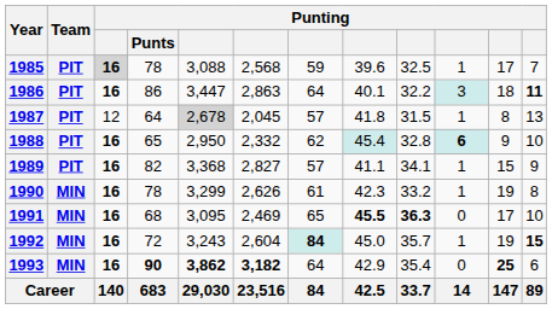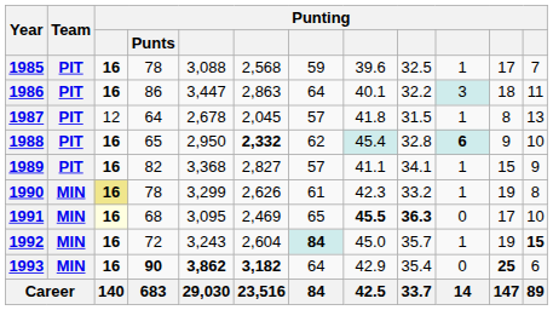 <table class=wikitable style="text-align:center;">
 <tr>
 <th rowspan="2">Year</th>
 <th rowspan="2">Team</th>
 <th colspan="10">Punting</th>
 </tr>
 <tr>
 <th></th>
 <th>Punts</th>
 <th></th>
 <th></th>
 <th></th>
 <th></th>
 <th></th>
 <th></th>
 <th></th>
 <th></th>
 </tr>
 <tr>
 <th><a href='#'>1985</a></th>
 <th><a href='#'>PIT</a></th>
-<td style="background: lightgrey;"><strong>16</strong></td>
+<td><strong>16</strong></td>
 <td>78</td>
 <td>3,088</td>
 <td>2,568</td>
 <td>59</td>
 <td>39.6</td>
 <td>32.5</td>
 <td>1</td>
 <td>17</td>
 <td>7</td>
 </tr>
 <tr>
 <th><a href='#'>1986</a></th>
 <th><a href='#'>PIT</a></th>
 <td><strong>16</strong></td>
 <td>86</td>
 <td>3,447</td>
 <td>2,863</td>
 <td>64</td>
 <td>40.1</td>
 <td>32.2</td>
 <td style="background:#cfecec; width:3em;">3</td>
 <td>18</td>
-<td><strong>11</strong></td>
+<td>11</td>
 </tr>
 <tr>
 <th><a href='#'>1987</a></th>
 <th><a href='#'>PIT</a></th>
 <td>12</td>
 <td>64</td>
-<td style="background: lightgrey;">2,678</td>
+<td>2,678</td>
 <td>2,045</td>
 <td>57</td>
 <td>41.8</td>
 <td>31.5</td>
 <td>1</td>
 <td>8</td>
 <td>13</td>
 </tr>
 <tr>
 <th><a href='#'>1988</a></th>
 <th><a href='#'>PIT</a></th>
 <td><strong>16</strong></td>
 <td>65</td>
 <td>2,950</td>
-<td>2,332</td>
+<td><strong>2,332</strong></td>
 <td>62</td>
 <td style="background:#cfecec; width:3em;">45.4</td>
 <td>32.8</td>
 <td style="background:#cfecec; width:3em;"><strong>6</strong></td>
 <td>9</td>
 <td>10</td>
 </tr>
 <tr>
 <th><a href='#'>1989</a></th>
 <th><a href='#'>PIT</a></th>
 <td><strong>16</strong></td>
 <td>82</td>
 <td>3,368</td>
 <td>2,827</td>
 <td>57</td>
 <td>41.1</td>
 <td>34.1</td>
 <td>1</td>
 <td>15</td>
 <td>9</td>
 </tr>
 <tr>
 <th><a href='#'>1990</a></th>
 <th><a href='#'>MIN</a></th>
-<td><strong>16</strong></td>
+<td style="background: khaki;"><strong>16</strong></td>
 <td>78</td>
 <td>3,299</td>
 <td>2,626</td>
 <td>61</td>
 <td>42.3</td>
 <td>33.2</td>
 <td>1</td>
 <td>19</td>
 <td>8</td>
 </tr>
 <tr>
 <th><a href='#'>1991</a></th>
 <th><a href='#'>MIN</a></th>
-<td><strong>16</strong></td>
+<td style="background: lightyellow;"><strong>16</strong></td>
 <td>68</td>
 <td>3,095</td>
 <td>2,469</td>
 <td>65</td>
 <td><strong>45.5</strong></td>
 <td><strong>36.3</strong></td>
 <td>0</td>
 <td>17</td>
 <td>10</td>
 </tr>
 <tr>
 <th><a href='#'>1992</a></th>
 <th><a href='#'>MIN</a></th>
 <td><strong>16</strong></td>
 <td>72</td>
 <td>3,243</td>
 <td>2,604</td>
 <td style="background:#cfecec; width:3em;"><strong>84</strong></td>
 <td>45.0</td>
 <td>35.7</td>
 <td>1</td>
 <td>19</td>
 <td><strong>15</strong></td>
 </tr>
 <tr>
 <th><a href='#'>1993</a></th>
 <th><a href='#'>MIN</a></th>
 <td><strong>16</strong></td>
 <td><strong>90</strong></td>
 <td><strong>3,862</strong></td>
 <td><strong>3,182</strong></td>
 <td>64</td>
 <td>42.9</td>
 <td>35.4</td>
 <td>0</td>
 <td><strong>25</strong></td>
 <td>6</td>
 </tr>
 <tr>
 <th colspan="2">Career</th>
 <th>140</th>
 <th>683</th>
 <th>29,030</th>
 <th>23,516</th>
 <th>84</th>
 <th>42.5</th>
 <th>33.7</th>
 <th>14</th>
 <th>147</th>
 <th>89</th>
 </tr>
 </table>
